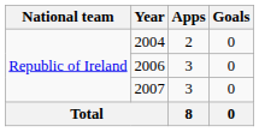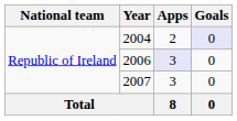 <table class="wikitable" style="text-align:center">
 <tr>
 <th>National team</th>
 <th>Year</th>
 <th>Apps</th>
 <th>Goals</th>
 </tr>
 <tr>
 <td rowspan="3"><a href='#'>Republic of Ireland</a></td>
 <td>2004</td>
 <td>2</td>
-<td>0</td>
+<td style="background: lavender;">0</td>
 </tr>
 <tr>
 <td>2006</td>
-<td>3</td>
+<td style="background: lavender;">3</td>
 <td>0</td>
 </tr>
 <tr>
 <td>2007</td>
 <td>3</td>
 <td>0</td>
 </tr>
 <tr>
 <th colspan="2">Total</th>
 <th>8</th>
 <th>0</th>
 </tr>
 </table>
